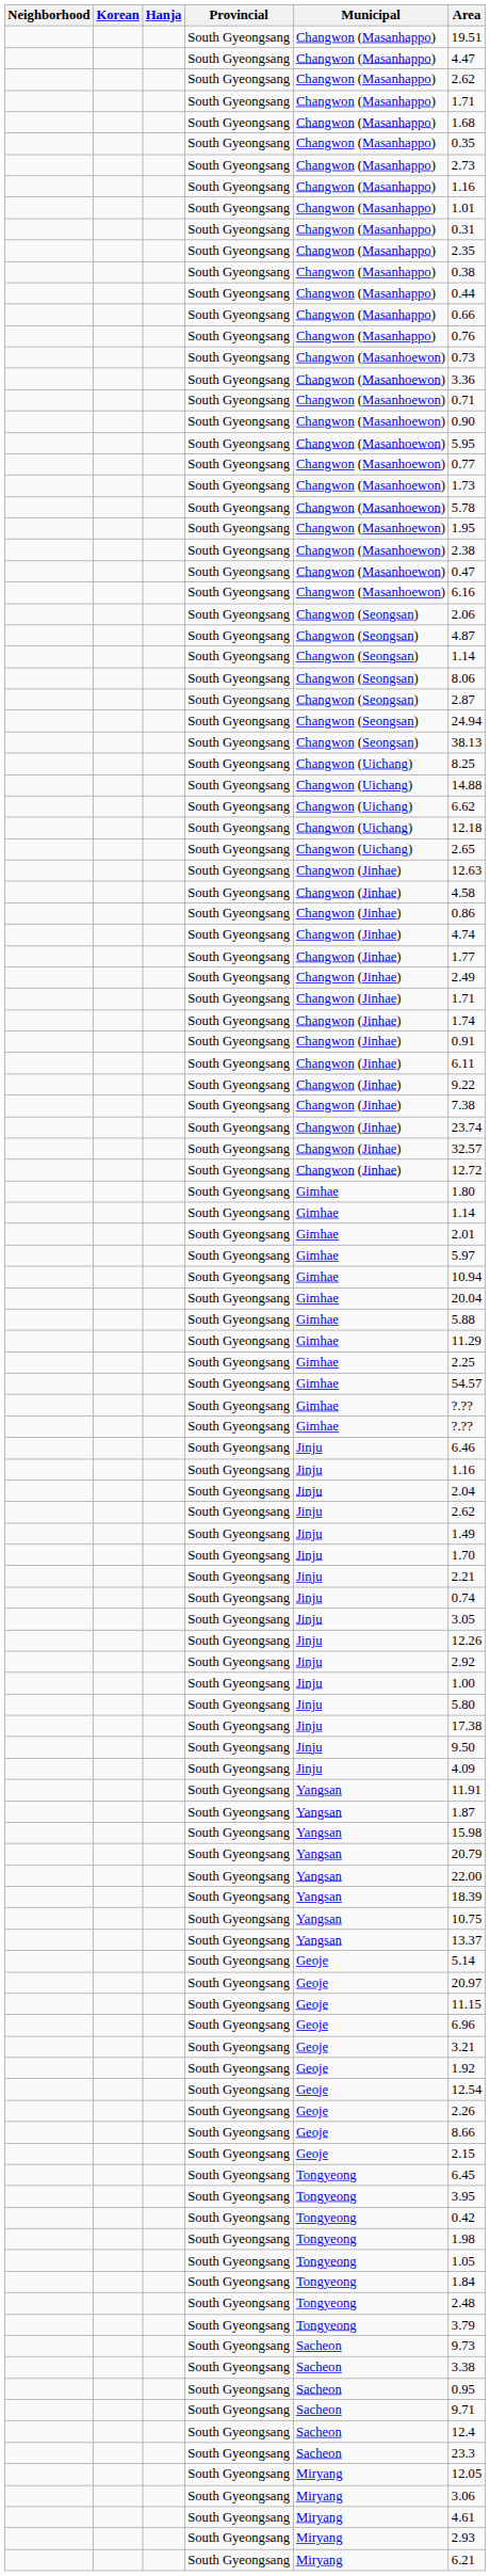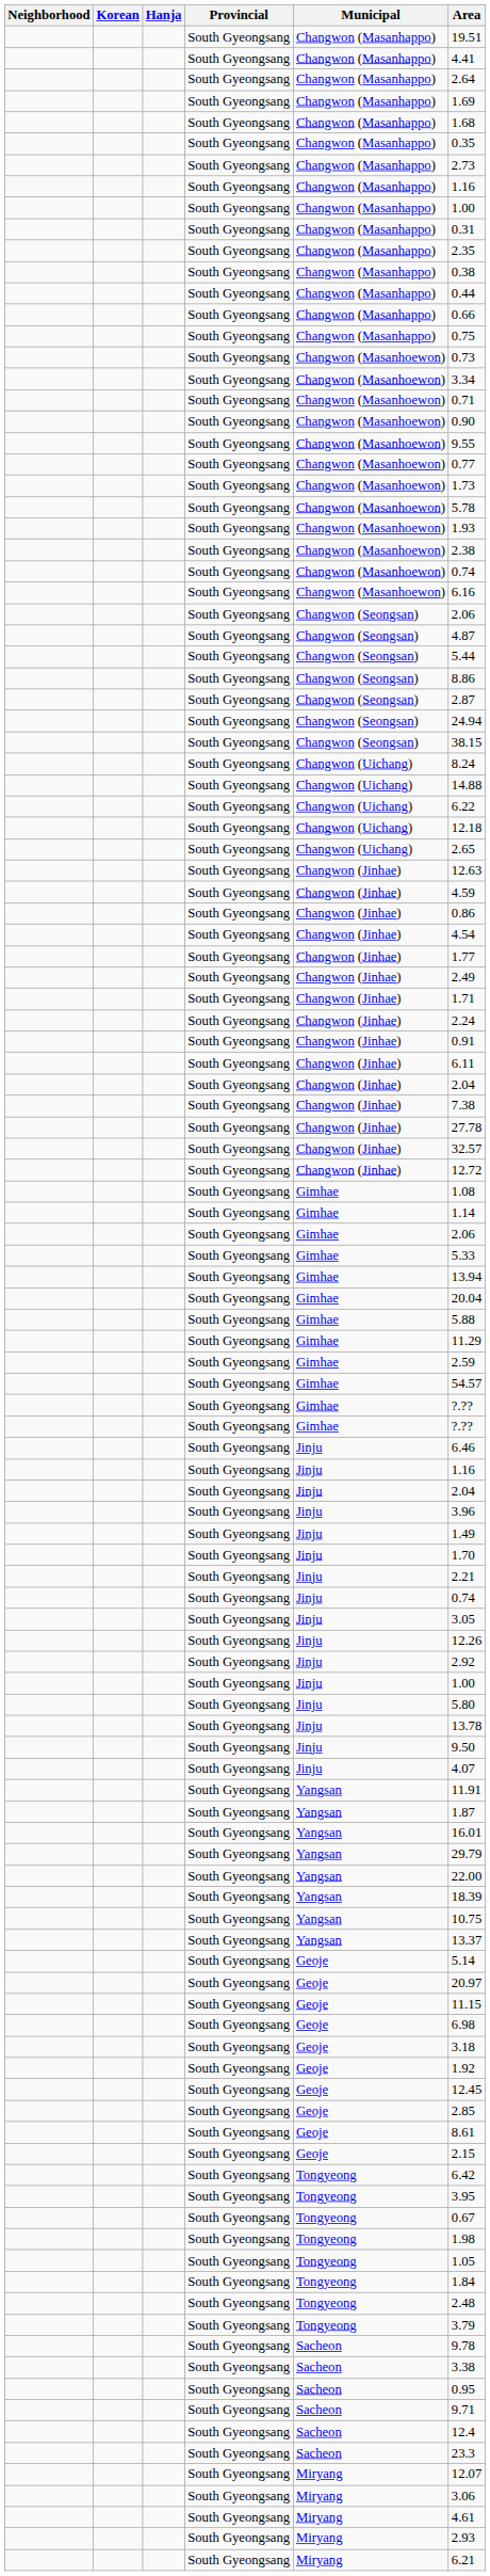 <table class="wikitable sortable">
 <tr>
 <th>Neighborhood</th>
 <th><a href='#'>Korean</a></th>
 <th><a href='#'>Hanja</a></th>
 <th>Provincial</th>
 <th>Municipal</th>
 <th>Area</th>
 </tr>
 <tr>
 <td></td>
 <td><span></span></td>
 <td><span></span></td>
 <td>South Gyeongsang</td>
 <td><a href='#'>Changwon</a> (<a href='#'>Masanhappo</a>)</td>
 <td>19.51</td>
 </tr>
 <tr>
 <td></td>
 <td><span></span></td>
 <td><span></span></td>
 <td>South Gyeongsang</td>
 <td><a href='#'>Changwon</a> (<a href='#'>Masanhappo</a>)</td>
-<td>4.47</td>
+<td>4.41</td>
 </tr>
 <tr>
 <td></td>
 <td><span></span></td>
 <td><span></span></td>
 <td>South Gyeongsang</td>
 <td><a href='#'>Changwon</a> (<a href='#'>Masanhappo</a>)</td>
-<td>2.62</td>
+<td>2.64</td>
 </tr>
 <tr>
 <td></td>
 <td><span></span></td>
 <td><span></span></td>
 <td>South Gyeongsang</td>
 <td><a href='#'>Changwon</a> (<a href='#'>Masanhappo</a>)</td>
-<td>1.71</td>
+<td>1.69</td>
 </tr>
 <tr>
 <td></td>
 <td><span></span></td>
 <td><span></span></td>
 <td>South Gyeongsang</td>
 <td><a href='#'>Changwon</a> (<a href='#'>Masanhappo</a>)</td>
 <td>1.68</td>
 </tr>
 <tr>
 <td></td>
 <td><span></span></td>
 <td><span></span></td>
 <td>South Gyeongsang</td>
 <td><a href='#'>Changwon</a> (<a href='#'>Masanhappo</a>)</td>
 <td>0.35</td>
 </tr>
 <tr>
 <td></td>
 <td><span></span></td>
 <td><span></span></td>
 <td>South Gyeongsang</td>
 <td><a href='#'>Changwon</a> (<a href='#'>Masanhappo</a>)</td>
 <td>2.73</td>
 </tr>
 <tr>
 <td></td>
 <td><span></span></td>
 <td><span></span></td>
 <td>South Gyeongsang</td>
 <td><a href='#'>Changwon</a> (<a href='#'>Masanhappo</a>)</td>
 <td>1.16</td>
 </tr>
 <tr>
 <td></td>
 <td><span></span></td>
 <td><span></span></td>
 <td>South Gyeongsang</td>
 <td><a href='#'>Changwon</a> (<a href='#'>Masanhappo</a>)</td>
-<td>1.01</td>
+<td>1.00</td>
 </tr>
 <tr>
 <td></td>
 <td><span></span></td>
 <td><span></span></td>
 <td>South Gyeongsang</td>
 <td><a href='#'>Changwon</a> (<a href='#'>Masanhappo</a>)</td>
 <td>0.31</td>
 </tr>
 <tr>
 <td></td>
 <td><span></span></td>
 <td><span></span></td>
 <td>South Gyeongsang</td>
 <td><a href='#'>Changwon</a> (<a href='#'>Masanhappo</a>)</td>
 <td>2.35</td>
 </tr>
 <tr>
 <td></td>
 <td><span></span></td>
 <td><span></span></td>
 <td>South Gyeongsang</td>
 <td><a href='#'>Changwon</a> (<a href='#'>Masanhappo</a>)</td>
 <td>0.38</td>
 </tr>
 <tr>
 <td></td>
 <td><span></span></td>
 <td><span></span></td>
 <td>South Gyeongsang</td>
 <td><a href='#'>Changwon</a> (<a href='#'>Masanhappo</a>)</td>
 <td>0.44</td>
 </tr>
 <tr>
 <td></td>
 <td><span></span></td>
 <td><span></span></td>
 <td>South Gyeongsang</td>
 <td><a href='#'>Changwon</a> (<a href='#'>Masanhappo</a>)</td>
 <td>0.66</td>
 </tr>
 <tr>
 <td></td>
 <td><span></span></td>
 <td><span></span></td>
 <td>South Gyeongsang</td>
 <td><a href='#'>Changwon</a> (<a href='#'>Masanhappo</a>)</td>
-<td>0.76</td>
+<td>0.75</td>
 </tr>
 <tr>
 <td></td>
 <td><span></span></td>
 <td><span></span></td>
 <td>South Gyeongsang</td>
 <td><a href='#'>Changwon</a> (<a href='#'>Masanhoewon</a>)</td>
 <td>0.73</td>
 </tr>
 <tr>
 <td></td>
 <td><span></span></td>
 <td><span></span></td>
 <td>South Gyeongsang</td>
 <td><a href='#'>Changwon</a> (<a href='#'>Masanhoewon</a>)</td>
-<td>3.36</td>
+<td>3.34</td>
 </tr>
 <tr>
 <td></td>
 <td><span></span></td>
 <td><span></span></td>
 <td>South Gyeongsang</td>
 <td><a href='#'>Changwon</a> (<a href='#'>Masanhoewon</a>)</td>
 <td>0.71</td>
 </tr>
 <tr>
 <td></td>
 <td><span></span></td>
 <td><span></span></td>
 <td>South Gyeongsang</td>
 <td><a href='#'>Changwon</a> (<a href='#'>Masanhoewon</a>)</td>
 <td>0.90</td>
 </tr>
 <tr>
 <td></td>
 <td><span></span></td>
 <td><span></span></td>
 <td>South Gyeongsang</td>
 <td><a href='#'>Changwon</a> (<a href='#'>Masanhoewon</a>)</td>
-<td>5.95</td>
+<td>9.55</td>
 </tr>
 <tr>
 <td></td>
 <td><span></span></td>
 <td><span></span></td>
 <td>South Gyeongsang</td>
 <td><a href='#'>Changwon</a> (<a href='#'>Masanhoewon</a>)</td>
 <td>0.77</td>
 </tr>
 <tr>
 <td></td>
 <td><span></span></td>
 <td><span></span></td>
 <td>South Gyeongsang</td>
 <td><a href='#'>Changwon</a> (<a href='#'>Masanhoewon</a>)</td>
 <td>1.73</td>
 </tr>
 <tr>
 <td></td>
 <td><span></span></td>
 <td><span></span></td>
 <td>South Gyeongsang</td>
 <td><a href='#'>Changwon</a> (<a href='#'>Masanhoewon</a>)</td>
 <td>5.78</td>
 </tr>
 <tr>
 <td></td>
 <td><span></span></td>
 <td><span></span></td>
 <td>South Gyeongsang</td>
 <td><a href='#'>Changwon</a> (<a href='#'>Masanhoewon</a>)</td>
-<td>1.95</td>
+<td>1.93</td>
 </tr>
 <tr>
 <td></td>
 <td><span></span></td>
 <td><span></span></td>
 <td>South Gyeongsang</td>
 <td><a href='#'>Changwon</a> (<a href='#'>Masanhoewon</a>)</td>
 <td>2.38</td>
 </tr>
 <tr>
 <td></td>
 <td><span></span></td>
 <td><span></span></td>
 <td>South Gyeongsang</td>
 <td><a href='#'>Changwon</a> (<a href='#'>Masanhoewon</a>)</td>
-<td>0.47</td>
+<td>0.74</td>
 </tr>
 <tr>
 <td></td>
 <td><span></span></td>
 <td><span></span></td>
 <td>South Gyeongsang</td>
 <td><a href='#'>Changwon</a> (<a href='#'>Masanhoewon</a>)</td>
 <td>6.16</td>
 </tr>
 <tr>
 <td></td>
 <td><span></span></td>
 <td><span></span></td>
 <td>South Gyeongsang</td>
 <td><a href='#'>Changwon</a> (<a href='#'>Seongsan</a>)</td>
 <td>2.06</td>
 </tr>
 <tr>
 <td></td>
 <td><span></span></td>
 <td><span></span></td>
 <td>South Gyeongsang</td>
 <td><a href='#'>Changwon</a> (<a href='#'>Seongsan</a>)</td>
 <td>4.87</td>
 </tr>
 <tr>
 <td></td>
 <td><span></span></td>
 <td><span></span></td>
 <td>South Gyeongsang</td>
 <td><a href='#'>Changwon</a> (<a href='#'>Seongsan</a>)</td>
-<td>1.14</td>
+<td>5.44</td>
 </tr>
 <tr>
 <td></td>
 <td><span></span></td>
 <td><span></span></td>
 <td>South Gyeongsang</td>
 <td><a href='#'>Changwon</a> (<a href='#'>Seongsan</a>)</td>
-<td>8.06</td>
+<td>8.86</td>
 </tr>
 <tr>
 <td></td>
 <td><span></span></td>
 <td><span></span></td>
 <td>South Gyeongsang</td>
 <td><a href='#'>Changwon</a> (<a href='#'>Seongsan</a>)</td>
 <td>2.87</td>
 </tr>
 <tr>
 <td></td>
 <td><span></span></td>
 <td><span></span></td>
 <td>South Gyeongsang</td>
 <td><a href='#'>Changwon</a> (<a href='#'>Seongsan</a>)</td>
 <td>24.94</td>
 </tr>
 <tr>
 <td></td>
 <td><span></span></td>
 <td><span></span></td>
 <td>South Gyeongsang</td>
 <td><a href='#'>Changwon</a> (<a href='#'>Seongsan</a>)</td>
-<td>38.13</td>
+<td>38.15</td>
 </tr>
 <tr>
 <td></td>
 <td><span></span></td>
 <td><span></span></td>
 <td>South Gyeongsang</td>
 <td><a href='#'>Changwon</a> (<a href='#'>Uichang</a>)</td>
-<td>8.25</td>
+<td>8.24</td>
 </tr>
 <tr>
 <td></td>
 <td><span></span></td>
 <td><span></span></td>
 <td>South Gyeongsang</td>
 <td><a href='#'>Changwon</a> (<a href='#'>Uichang</a>)</td>
 <td>14.88</td>
 </tr>
 <tr>
 <td></td>
 <td><span></span></td>
 <td><span></span></td>
 <td>South Gyeongsang</td>
 <td><a href='#'>Changwon</a> (<a href='#'>Uichang</a>)</td>
-<td>6.62</td>
+<td>6.22</td>
 </tr>
 <tr>
 <td></td>
 <td><span></span></td>
 <td><span></span></td>
 <td>South Gyeongsang</td>
 <td><a href='#'>Changwon</a> (<a href='#'>Uichang</a>)</td>
 <td>12.18</td>
 </tr>
 <tr>
 <td></td>
 <td><span></span></td>
 <td><span></span></td>
 <td>South Gyeongsang</td>
 <td><a href='#'>Changwon</a> (<a href='#'>Uichang</a>)</td>
 <td>2.65</td>
 </tr>
 <tr>
 <td></td>
 <td><span></span></td>
 <td><span></span></td>
 <td>South Gyeongsang</td>
 <td><a href='#'>Changwon</a> (<a href='#'>Jinhae</a>)</td>
 <td>12.63</td>
 </tr>
 <tr>
 <td></td>
 <td><span></span></td>
 <td><span></span></td>
 <td>South Gyeongsang</td>
 <td><a href='#'>Changwon</a> (<a href='#'>Jinhae</a>)</td>
-<td>4.58</td>
+<td>4.59</td>
 </tr>
 <tr>
 <td></td>
 <td><span></span></td>
 <td><span></span></td>
 <td>South Gyeongsang</td>
 <td><a href='#'>Changwon</a> (<a href='#'>Jinhae</a>)</td>
 <td>0.86</td>
 </tr>
 <tr>
 <td></td>
 <td><span></span></td>
 <td><span></span></td>
 <td>South Gyeongsang</td>
 <td><a href='#'>Changwon</a> (<a href='#'>Jinhae</a>)</td>
-<td>4.74</td>
+<td>4.54</td>
 </tr>
 <tr>
 <td></td>
 <td><span></span></td>
 <td><span></span></td>
 <td>South Gyeongsang</td>
 <td><a href='#'>Changwon</a> (<a href='#'>Jinhae</a>)</td>
 <td>1.77</td>
 </tr>
 <tr>
 <td></td>
 <td><span></span></td>
 <td><span></span></td>
 <td>South Gyeongsang</td>
 <td><a href='#'>Changwon</a> (<a href='#'>Jinhae</a>)</td>
 <td>2.49</td>
 </tr>
 <tr>
 <td></td>
 <td><span></span></td>
 <td><span></span></td>
 <td>South Gyeongsang</td>
 <td><a href='#'>Changwon</a> (<a href='#'>Jinhae</a>)</td>
 <td>1.71</td>
 </tr>
 <tr>
 <td></td>
 <td><span></span></td>
 <td><span></span></td>
 <td>South Gyeongsang</td>
 <td><a href='#'>Changwon</a> (<a href='#'>Jinhae</a>)</td>
-<td>1.74</td>
+<td>2.24</td>
 </tr>
 <tr>
 <td></td>
 <td><span></span></td>
 <td><span></span></td>
 <td>South Gyeongsang</td>
 <td><a href='#'>Changwon</a> (<a href='#'>Jinhae</a>)</td>
 <td>0.91</td>
 </tr>
 <tr>
 <td></td>
 <td><span></span></td>
 <td><span></span></td>
 <td>South Gyeongsang</td>
 <td><a href='#'>Changwon</a> (<a href='#'>Jinhae</a>)</td>
 <td>6.11</td>
 </tr>
 <tr>
 <td></td>
 <td><span></span></td>
 <td><span></span></td>
 <td>South Gyeongsang</td>
 <td><a href='#'>Changwon</a> (<a href='#'>Jinhae</a>)</td>
-<td>9.22</td>
+<td>2.04</td>
 </tr>
 <tr>
 <td></td>
 <td><span></span></td>
 <td><span></span></td>
 <td>South Gyeongsang</td>
 <td><a href='#'>Changwon</a> (<a href='#'>Jinhae</a>)</td>
 <td>7.38</td>
 </tr>
 <tr>
 <td></td>
 <td><span></span></td>
 <td><span></span></td>
 <td>South Gyeongsang</td>
 <td><a href='#'>Changwon</a> (<a href='#'>Jinhae</a>)</td>
-<td>23.74</td>
+<td>27.78</td>
 </tr>
 <tr>
 <td></td>
 <td><span></span></td>
 <td><span></span></td>
 <td>South Gyeongsang</td>
 <td><a href='#'>Changwon</a> (<a href='#'>Jinhae</a>)</td>
 <td>32.57</td>
 </tr>
 <tr>
 <td></td>
 <td><span></span></td>
 <td><span></span></td>
 <td>South Gyeongsang</td>
 <td><a href='#'>Changwon</a> (<a href='#'>Jinhae</a>)</td>
 <td>12.72</td>
 </tr>
 <tr>
 <td></td>
 <td><span></span></td>
 <td><span></span></td>
 <td>South Gyeongsang</td>
 <td><a href='#'>Gimhae</a></td>
-<td>1.80</td>
+<td>1.08</td>
 </tr>
 <tr>
 <td></td>
 <td><span></span></td>
 <td><span></span></td>
 <td>South Gyeongsang</td>
 <td><a href='#'>Gimhae</a></td>
 <td>1.14</td>
 </tr>
 <tr>
 <td></td>
 <td><span></span></td>
 <td><span></span></td>
 <td>South Gyeongsang</td>
 <td><a href='#'>Gimhae</a></td>
-<td>2.01</td>
+<td>2.06</td>
 </tr>
 <tr>
 <td></td>
 <td><span></span></td>
 <td><span></span></td>
 <td>South Gyeongsang</td>
 <td><a href='#'>Gimhae</a></td>
-<td>5.97</td>
+<td>5.33</td>
 </tr>
 <tr>
 <td></td>
 <td><span></span></td>
 <td><span></span></td>
 <td>South Gyeongsang</td>
 <td><a href='#'>Gimhae</a></td>
-<td>10.94</td>
+<td>13.94</td>
 </tr>
 <tr>
 <td></td>
 <td><span></span></td>
 <td><span></span></td>
 <td>South Gyeongsang</td>
 <td><a href='#'>Gimhae</a></td>
 <td>20.04</td>
 </tr>
 <tr>
 <td></td>
 <td><span></span></td>
 <td><span></span></td>
 <td>South Gyeongsang</td>
 <td><a href='#'>Gimhae</a></td>
 <td>5.88</td>
 </tr>
 <tr>
 <td></td>
 <td><span></span></td>
 <td><span></span></td>
 <td>South Gyeongsang</td>
 <td><a href='#'>Gimhae</a></td>
 <td>11.29</td>
 </tr>
 <tr>
 <td></td>
 <td><span></span></td>
 <td><span></span></td>
 <td>South Gyeongsang</td>
 <td><a href='#'>Gimhae</a></td>
-<td>2.25</td>
+<td>2.59</td>
 </tr>
 <tr>
 <td></td>
 <td><span></span></td>
 <td><span></span></td>
 <td>South Gyeongsang</td>
 <td><a href='#'>Gimhae</a></td>
 <td>54.57</td>
 </tr>
 <tr>
 <td></td>
 <td><span></span></td>
 <td><span></span></td>
 <td>South Gyeongsang</td>
 <td><a href='#'>Gimhae</a></td>
 <td>?.??</td>
 </tr>
 <tr>
 <td></td>
 <td><span></span></td>
 <td><span></span></td>
 <td>South Gyeongsang</td>
 <td><a href='#'>Gimhae</a></td>
 <td>?.??</td>
 </tr>
 <tr>
 <td></td>
 <td><span></span></td>
 <td><span></span></td>
 <td>South Gyeongsang</td>
 <td><a href='#'>Jinju</a></td>
 <td>6.46</td>
 </tr>
 <tr>
 <td></td>
 <td><span></span></td>
 <td><span></span></td>
 <td>South Gyeongsang</td>
 <td><a href='#'>Jinju</a></td>
 <td>1.16</td>
 </tr>
 <tr>
 <td></td>
 <td><span></span></td>
 <td><span></span></td>
 <td>South Gyeongsang</td>
 <td><a href='#'>Jinju</a></td>
 <td>2.04</td>
 </tr>
 <tr>
 <td></td>
 <td><span></span></td>
 <td><span></span></td>
 <td>South Gyeongsang</td>
 <td><a href='#'>Jinju</a></td>
-<td>2.62</td>
+<td>3.96</td>
 </tr>
 <tr>
 <td></td>
 <td><span></span></td>
 <td><span></span></td>
 <td>South Gyeongsang</td>
 <td><a href='#'>Jinju</a></td>
 <td>1.49</td>
 </tr>
 <tr>
 <td></td>
 <td><span></span></td>
 <td><span></span></td>
 <td>South Gyeongsang</td>
 <td><a href='#'>Jinju</a></td>
 <td>1.70</td>
 </tr>
 <tr>
 <td></td>
 <td><span></span></td>
 <td><span></span></td>
 <td>South Gyeongsang</td>
 <td><a href='#'>Jinju</a></td>
 <td>2.21</td>
 </tr>
 <tr>
 <td></td>
 <td><span></span></td>
 <td><span></span></td>
 <td>South Gyeongsang</td>
 <td><a href='#'>Jinju</a></td>
 <td>0.74</td>
 </tr>
 <tr>
 <td></td>
 <td><span></span></td>
 <td><span></span></td>
 <td>South Gyeongsang</td>
 <td><a href='#'>Jinju</a></td>
 <td>3.05</td>
 </tr>
 <tr>
 <td></td>
 <td><span></span></td>
 <td><span></span></td>
 <td>South Gyeongsang</td>
 <td><a href='#'>Jinju</a></td>
 <td>12.26</td>
 </tr>
 <tr>
 <td></td>
 <td><span></span></td>
 <td><span></span></td>
 <td>South Gyeongsang</td>
 <td><a href='#'>Jinju</a></td>
 <td>2.92</td>
 </tr>
 <tr>
 <td></td>
 <td><span></span></td>
 <td><span></span></td>
 <td>South Gyeongsang</td>
 <td><a href='#'>Jinju</a></td>
 <td>1.00</td>
 </tr>
 <tr>
 <td></td>
 <td><span></span></td>
 <td><span></span></td>
 <td>South Gyeongsang</td>
 <td><a href='#'>Jinju</a></td>
 <td>5.80</td>
 </tr>
 <tr>
 <td></td>
 <td><span></span></td>
 <td><span></span></td>
 <td>South Gyeongsang</td>
 <td><a href='#'>Jinju</a></td>
-<td>17.38</td>
+<td>13.78</td>
 </tr>
 <tr>
 <td></td>
 <td><span></span></td>
 <td><span></span></td>
 <td>South Gyeongsang</td>
 <td><a href='#'>Jinju</a></td>
 <td>9.50</td>
 </tr>
 <tr>
 <td></td>
 <td><span></span></td>
 <td><span></span></td>
 <td>South Gyeongsang</td>
 <td><a href='#'>Jinju</a></td>
-<td>4.09</td>
+<td>4.07</td>
 </tr>
 <tr>
 <td></td>
 <td><span></span></td>
 <td><span></span></td>
 <td>South Gyeongsang</td>
 <td><a href='#'>Yangsan</a></td>
 <td>11.91</td>
 </tr>
 <tr>
 <td></td>
 <td><span></span></td>
 <td><span></span></td>
 <td>South Gyeongsang</td>
 <td><a href='#'>Yangsan</a></td>
 <td>1.87</td>
 </tr>
 <tr>
 <td></td>
 <td><span></span></td>
 <td><span></span></td>
 <td>South Gyeongsang</td>
 <td><a href='#'>Yangsan</a></td>
-<td>15.98</td>
+<td>16.01</td>
 </tr>
 <tr>
 <td></td>
 <td><span></span></td>
 <td><span></span></td>
 <td>South Gyeongsang</td>
 <td><a href='#'>Yangsan</a></td>
-<td>20.79</td>
+<td>29.79</td>
 </tr>
 <tr>
 <td></td>
 <td><span></span></td>
 <td><span></span></td>
 <td>South Gyeongsang</td>
 <td><a href='#'>Yangsan</a></td>
 <td>22.00</td>
 </tr>
 <tr>
 <td></td>
 <td><span></span></td>
 <td><span></span></td>
 <td>South Gyeongsang</td>
 <td><a href='#'>Yangsan</a></td>
 <td>18.39</td>
 </tr>
 <tr>
 <td></td>
 <td><span></span></td>
 <td><span></span></td>
 <td>South Gyeongsang</td>
 <td><a href='#'>Yangsan</a></td>
 <td>10.75</td>
 </tr>
 <tr>
 <td></td>
 <td><span></span></td>
 <td><span></span></td>
 <td>South Gyeongsang</td>
 <td><a href='#'>Yangsan</a></td>
 <td>13.37</td>
 </tr>
 <tr>
 <td></td>
 <td><span></span></td>
 <td><span></span></td>
 <td>South Gyeongsang</td>
 <td><a href='#'>Geoje</a></td>
 <td>5.14</td>
 </tr>
 <tr>
 <td></td>
 <td><span></span></td>
 <td><span></span></td>
 <td>South Gyeongsang</td>
 <td><a href='#'>Geoje</a></td>
 <td>20.97</td>
 </tr>
 <tr>
 <td></td>
 <td><span></span></td>
 <td><span></span></td>
 <td>South Gyeongsang</td>
 <td><a href='#'>Geoje</a></td>
 <td>11.15</td>
 </tr>
 <tr>
 <td></td>
 <td><span></span></td>
 <td><span></span></td>
 <td>South Gyeongsang</td>
 <td><a href='#'>Geoje</a></td>
-<td>6.96</td>
+<td>6.98</td>
 </tr>
 <tr>
 <td></td>
 <td><span></span></td>
 <td><span></span></td>
 <td>South Gyeongsang</td>
 <td><a href='#'>Geoje</a></td>
-<td>3.21</td>
+<td>3.18</td>
 </tr>
 <tr>
 <td></td>
 <td><span></span></td>
 <td><span></span></td>
 <td>South Gyeongsang</td>
 <td><a href='#'>Geoje</a></td>
 <td>1.92</td>
 </tr>
 <tr>
 <td></td>
 <td><span></span></td>
 <td><span></span></td>
 <td>South Gyeongsang</td>
 <td><a href='#'>Geoje</a></td>
-<td>12.54</td>
+<td>12.45</td>
 </tr>
 <tr>
 <td></td>
 <td><span></span></td>
 <td><span></span></td>
 <td>South Gyeongsang</td>
 <td><a href='#'>Geoje</a></td>
-<td>2.26</td>
+<td>2.85</td>
 </tr>
 <tr>
 <td></td>
 <td><span></span></td>
 <td><span></span></td>
 <td>South Gyeongsang</td>
 <td><a href='#'>Geoje</a></td>
-<td>8.66</td>
+<td>8.61</td>
 </tr>
 <tr>
 <td></td>
 <td><span></span></td>
 <td><span></span></td>
 <td>South Gyeongsang</td>
 <td><a href='#'>Geoje</a></td>
 <td>2.15</td>
 </tr>
 <tr>
 <td></td>
 <td><span></span></td>
 <td><span></span></td>
 <td>South Gyeongsang</td>
 <td><a href='#'>Tongyeong</a></td>
-<td>6.45</td>
+<td>6.42</td>
 </tr>
 <tr>
 <td></td>
 <td><span></span></td>
 <td><span></span></td>
 <td>South Gyeongsang</td>
 <td><a href='#'>Tongyeong</a></td>
 <td>3.95</td>
 </tr>
 <tr>
 <td></td>
 <td><span></span></td>
 <td><span></span></td>
 <td>South Gyeongsang</td>
 <td><a href='#'>Tongyeong</a></td>
-<td>0.42</td>
+<td>0.67</td>
 </tr>
 <tr>
 <td></td>
 <td><span></span></td>
 <td><span></span></td>
 <td>South Gyeongsang</td>
 <td><a href='#'>Tongyeong</a></td>
 <td>1.98</td>
 </tr>
 <tr>
 <td></td>
 <td><span></span></td>
 <td><span></span></td>
 <td>South Gyeongsang</td>
 <td><a href='#'>Tongyeong</a></td>
 <td>1.05</td>
 </tr>
 <tr>
 <td></td>
 <td><span></span></td>
 <td><span></span></td>
 <td>South Gyeongsang</td>
 <td><a href='#'>Tongyeong</a></td>
 <td>1.84</td>
 </tr>
 <tr>
 <td></td>
 <td><span></span></td>
 <td><span></span></td>
 <td>South Gyeongsang</td>
 <td><a href='#'>Tongyeong</a></td>
 <td>2.48</td>
 </tr>
 <tr>
 <td></td>
 <td><span></span></td>
 <td><span></span></td>
 <td>South Gyeongsang</td>
 <td><a href='#'>Tongyeong</a></td>
 <td>3.79</td>
 </tr>
 <tr>
 <td></td>
 <td><span></span></td>
 <td><span></span></td>
 <td>South Gyeongsang</td>
 <td><a href='#'>Sacheon</a></td>
-<td>9.73</td>
+<td>9.78</td>
 </tr>
 <tr>
 <td></td>
 <td><span></span></td>
 <td><span></span></td>
 <td>South Gyeongsang</td>
 <td><a href='#'>Sacheon</a></td>
 <td>3.38</td>
 </tr>
 <tr>
 <td></td>
 <td><span></span></td>
 <td><span></span></td>
 <td>South Gyeongsang</td>
 <td><a href='#'>Sacheon</a></td>
 <td>0.95</td>
 </tr>
 <tr>
 <td></td>
 <td><span></span></td>
 <td><span></span></td>
 <td>South Gyeongsang</td>
 <td><a href='#'>Sacheon</a></td>
 <td>9.71</td>
 </tr>
 <tr>
 <td></td>
 <td><span></span></td>
 <td><span></span></td>
 <td>South Gyeongsang</td>
 <td><a href='#'>Sacheon</a></td>
 <td>12.4</td>
 </tr>
 <tr>
 <td></td>
 <td><span></span></td>
 <td><span></span></td>
 <td>South Gyeongsang</td>
 <td><a href='#'>Sacheon</a></td>
 <td>23.3</td>
 </tr>
 <tr>
 <td></td>
 <td><span></span></td>
 <td><span></span></td>
 <td>South Gyeongsang</td>
 <td><a href='#'>Miryang</a></td>
-<td>12.05</td>
+<td>12.07</td>
 </tr>
 <tr>
 <td></td>
 <td><span></span></td>
 <td><span></span></td>
 <td>South Gyeongsang</td>
 <td><a href='#'>Miryang</a></td>
 <td>3.06</td>
 </tr>
 <tr>
 <td></td>
 <td><span></span></td>
 <td><span></span></td>
 <td>South Gyeongsang</td>
 <td><a href='#'>Miryang</a></td>
 <td>4.61</td>
 </tr>
 <tr>
 <td></td>
 <td><span></span></td>
 <td><span></span></td>
 <td>South Gyeongsang</td>
 <td><a href='#'>Miryang</a></td>
 <td>2.93</td>
 </tr>
 <tr>
 <td></td>
 <td><span></span></td>
 <td><span></span></td>
 <td>South Gyeongsang</td>
 <td><a href='#'>Miryang</a></td>
 <td>6.21</td>
 </tr>
 </table>
